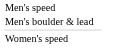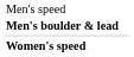 <table>
 <tr>
 <td>Men's speed<br></td>
 <td></td>
 <td></td>
 <td></td>
 </tr>
 <tr>
-<td>Men's boulder & lead<br></td>
+<td><strong>Men's boulder & lead<br></strong></td>
 <td></td>
 <td></td>
 <td></td>
 </tr>
 <tr bgcolor=#DDDDDD>
 <td colspan=7></td>
 </tr>
 <tr>
-<td>Women's speed<br></td>
+<td><strong>Women's speed<br></strong></td>
 <td></td>
 <td></td>
 <td></td>
 </tr>
 <tr>
 <td><br></td>
 <td></td>
 <td></td>
 <td></td>
 </tr>
 </table>
